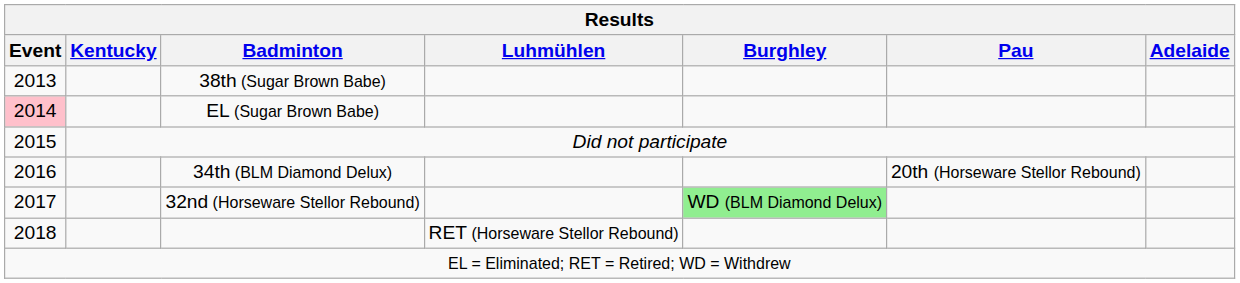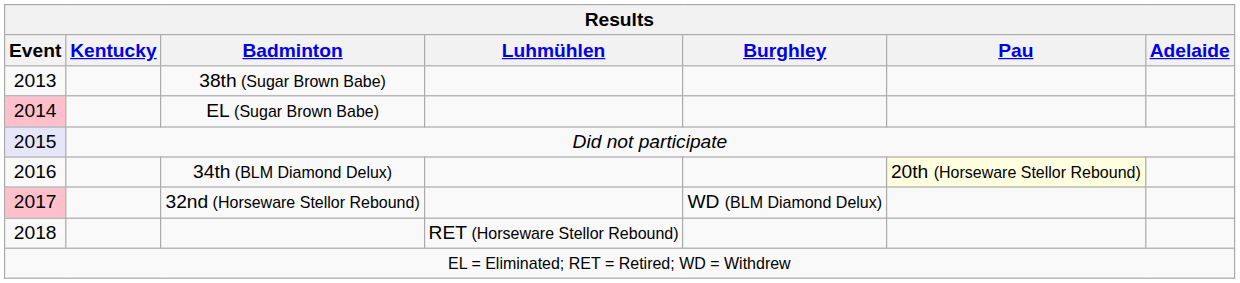 <table class="wikitable" style="text-align:center">
 <tr>
 <th colspan=13 align=center><strong>Results</strong></th>
 </tr>
 <tr>
 <th>Event</th>
 <th><a href='#'>Kentucky</a></th>
 <th><a href='#'>Badminton</a></th>
 <th><a href='#'>Luhmühlen</a></th>
 <th><a href='#'>Burghley</a></th>
 <th><a href='#'>Pau</a></th>
 <th><a href='#'>Adelaide</a></th>
 </tr>
 <tr>
 <td>2013</td>
 <td></td>
 <td>38th<small> (Sugar Brown Babe)</small></td>
 <td></td>
 <td></td>
 <td></td>
 <td></td>
 </tr>
 <tr>
 <td style="background: pink;">2014</td>
 <td></td>
 <td>EL<small> (Sugar Brown Babe)</small></td>
 <td></td>
 <td></td>
 <td></td>
 <td></td>
 </tr>
 <tr>
-<td>2015</td>
+<td style="background: lavender;">2015</td>
 <td colspan=6><em>Did not participate</em></td>
 </tr>
 <tr>
 <td>2016</td>
 <td></td>
 <td>34th<small> (BLM Diamond Delux)</small></td>
 <td></td>
 <td></td>
-<td>20th <small>(Horseware Stellor Rebound)</small></td>
+<td style="background: lightyellow;">20th <small>(Horseware Stellor Rebound)</small></td>
 <td></td>
 </tr>
 <tr>
-<td>2017</td>
+<td style="background: pink;">2017</td>
 <td></td>
 <td>32nd<small> (Horseware Stellor Rebound)</small></td>
 <td></td>
-<td style="background: lightgreen;">WD <small>(BLM Diamond Delux)</small></td>
+<td>WD <small>(BLM Diamond Delux)</small></td>
 <td></td>
 <td></td>
 </tr>
 <tr>
 <td>2018</td>
 <td></td>
 <td></td>
 <td>RET<small> (Horseware Stellor Rebound)</small></td>
 <td></td>
 <td></td>
 <td></td>
 </tr>
 <tr>
 <td colspan=13 align=center><small> EL = Eliminated; RET = Retired; WD = Withdrew </small></td>
 </tr>
 </table>
